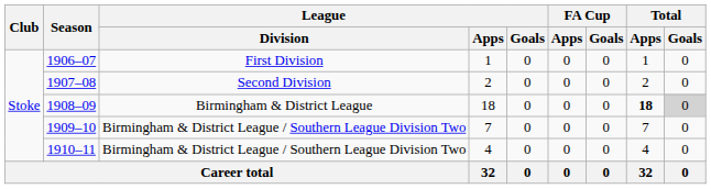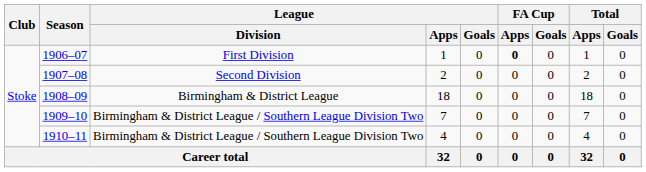 <table class="wikitable" style="text-align: center;">
 <tr>
 <th rowspan="2">Club</th>
 <th rowspan="2">Season</th>
 <th colspan="3">League</th>
 <th colspan="2">FA Cup</th>
 <th colspan="2">Total</th>
 </tr>
 <tr>
 <th>Division</th>
 <th>Apps</th>
 <th>Goals</th>
 <th>Apps</th>
 <th>Goals</th>
 <th>Apps</th>
 <th>Goals</th>
 </tr>
 <tr>
 <td rowspan="5"><a href='#'>Stoke</a></td>
 <td><a href='#'>1906–07</a></td>
 <td><a href='#'>First Division</a></td>
 <td>1</td>
 <td>0</td>
-<td>0</td>
+<td><strong>0</strong></td>
 <td>0</td>
 <td>1</td>
 <td>0</td>
 </tr>
 <tr>
 <td><a href='#'>1907–08</a></td>
 <td><a href='#'>Second Division</a></td>
 <td>2</td>
 <td>0</td>
 <td>0</td>
 <td>0</td>
 <td>2</td>
 <td>0</td>
 </tr>
 <tr>
 <td><a href='#'>1908–09</a></td>
 <td>Birmingham & District League</td>
 <td>18</td>
 <td>0</td>
 <td>0</td>
 <td>0</td>
-<td><strong>18</strong></td>
-<td style="background: lightgrey;">0</td>
+<td>18</td>
+<td>0</td>
 </tr>
 <tr>
 <td><a href='#'>1909–10</a></td>
 <td>Birmingham & District League / <a href='#'>Southern League Division Two</a></td>
 <td>7</td>
 <td>0</td>
 <td>0</td>
 <td>0</td>
 <td>7</td>
 <td>0</td>
 </tr>
 <tr>
 <td><a href='#'>1910–11</a></td>
 <td>Birmingham & District League / Southern League Division Two</td>
 <td>4</td>
 <td>0</td>
 <td>0</td>
 <td>0</td>
 <td>4</td>
 <td>0</td>
 </tr>
 <tr>
 <th colspan="3">Career total</th>
 <th>32</th>
 <th>0</th>
 <th>0</th>
 <th>0</th>
 <th>32</th>
 <th>0</th>
 </tr>
 </table>
